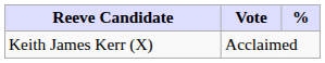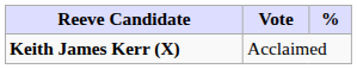 <table class="wikitable">
 <tr>
 <th style="background:#ddf; width:200px;">Reeve Candidate </th>
 <th style="background:#ddf; width:50px;">Vote</th>
 <th style="background:#ddf; width:30px;">%</th>
 </tr>
 <tr>
-<td>Keith James Kerr (X)</td>
+<td><strong>Keith James Kerr (X)</strong></td>
 <td colspan="2">Acclaimed</td>
 </tr>
 </table>
